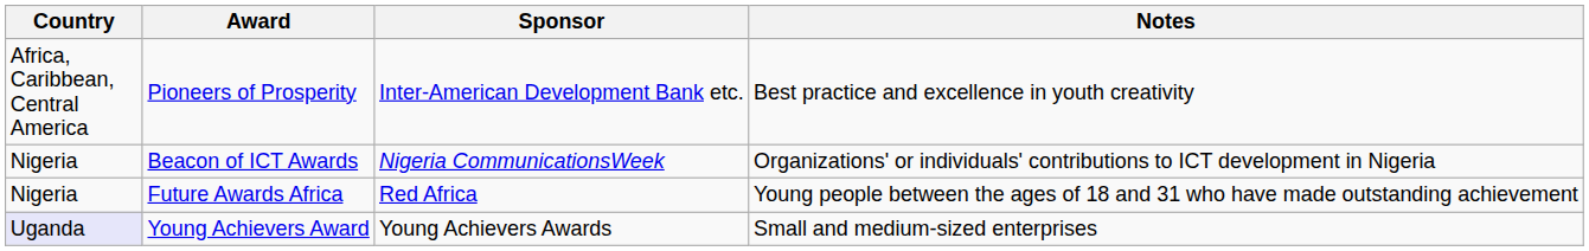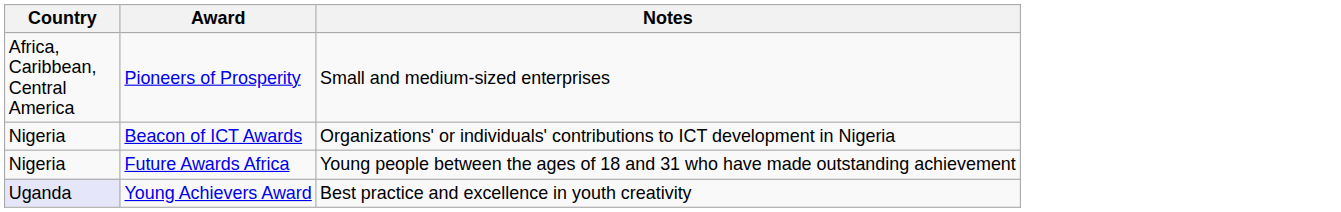 <table class="wikitable sortable">
 <tr>
 <th style="width:6em;">Country</th>
 <th>Award</th>
-<th>Sponsor</th>
 <th>Notes</th>
 </tr>
 <tr>
 <td>Africa, Caribbean, Central America</td>
 <td><a href='#'>Pioneers of Prosperity</a></td>
-<td><a href='#'>Inter-American Development Bank</a> etc.</td>
-<td>Best practice and excellence in youth creativity</td>
+<td>Small and medium-sized enterprises</td>
 </tr>
 <tr>
 <td>Nigeria</td>
 <td><a href='#'>Beacon of ICT Awards</a></td>
-<td><em><a href='#'>Nigeria CommunicationsWeek</a></em></td>
 <td>Organizations' or individuals' contributions to ICT development in Nigeria</td>
 </tr>
 <tr>
 <td>Nigeria</td>
 <td><a href='#'>Future Awards Africa</a></td>
-<td><a href='#'>Red Africa</a></td>
 <td>Young people between the ages of 18 and 31 who have made outstanding achievement</td>
 </tr>
 <tr>
 <td style="background: lavender;">Uganda</td>
 <td><a href='#'>Young Achievers Award</a></td>
-<td>Young Achievers Awards</td>
-<td>Small and medium-sized enterprises</td>
+<td>Best practice and excellence in youth creativity</td>
 </tr>
 </table>
